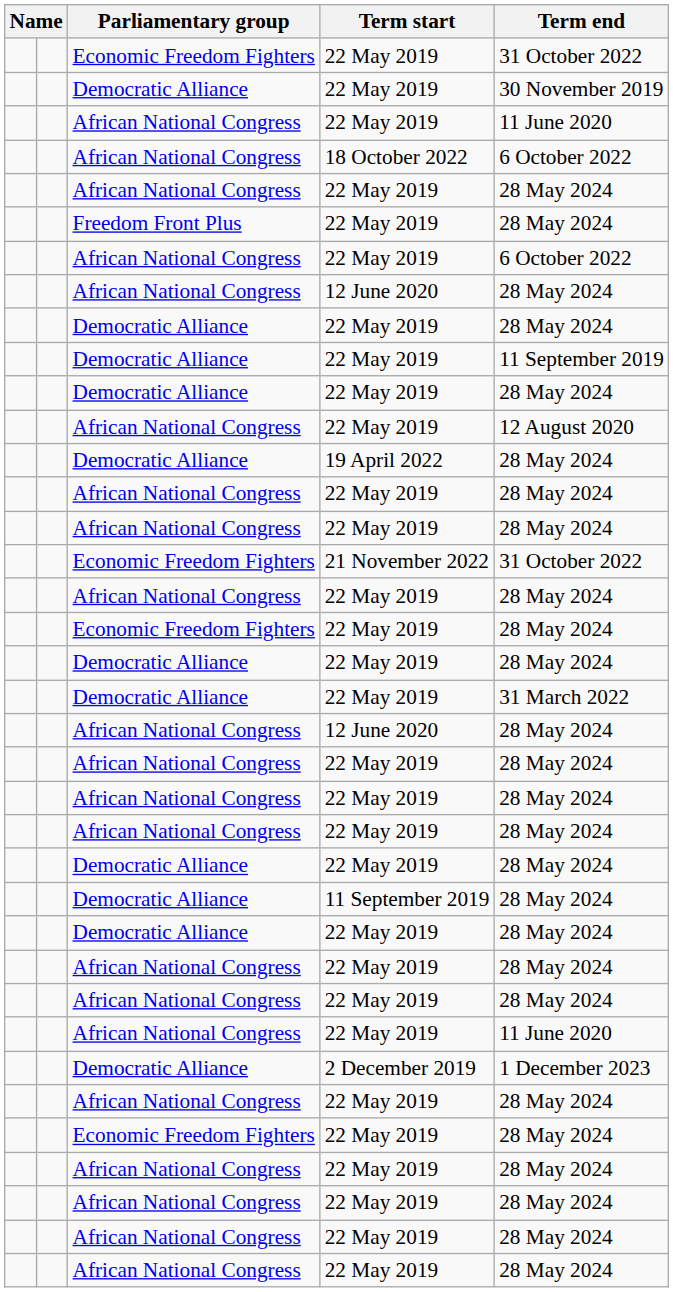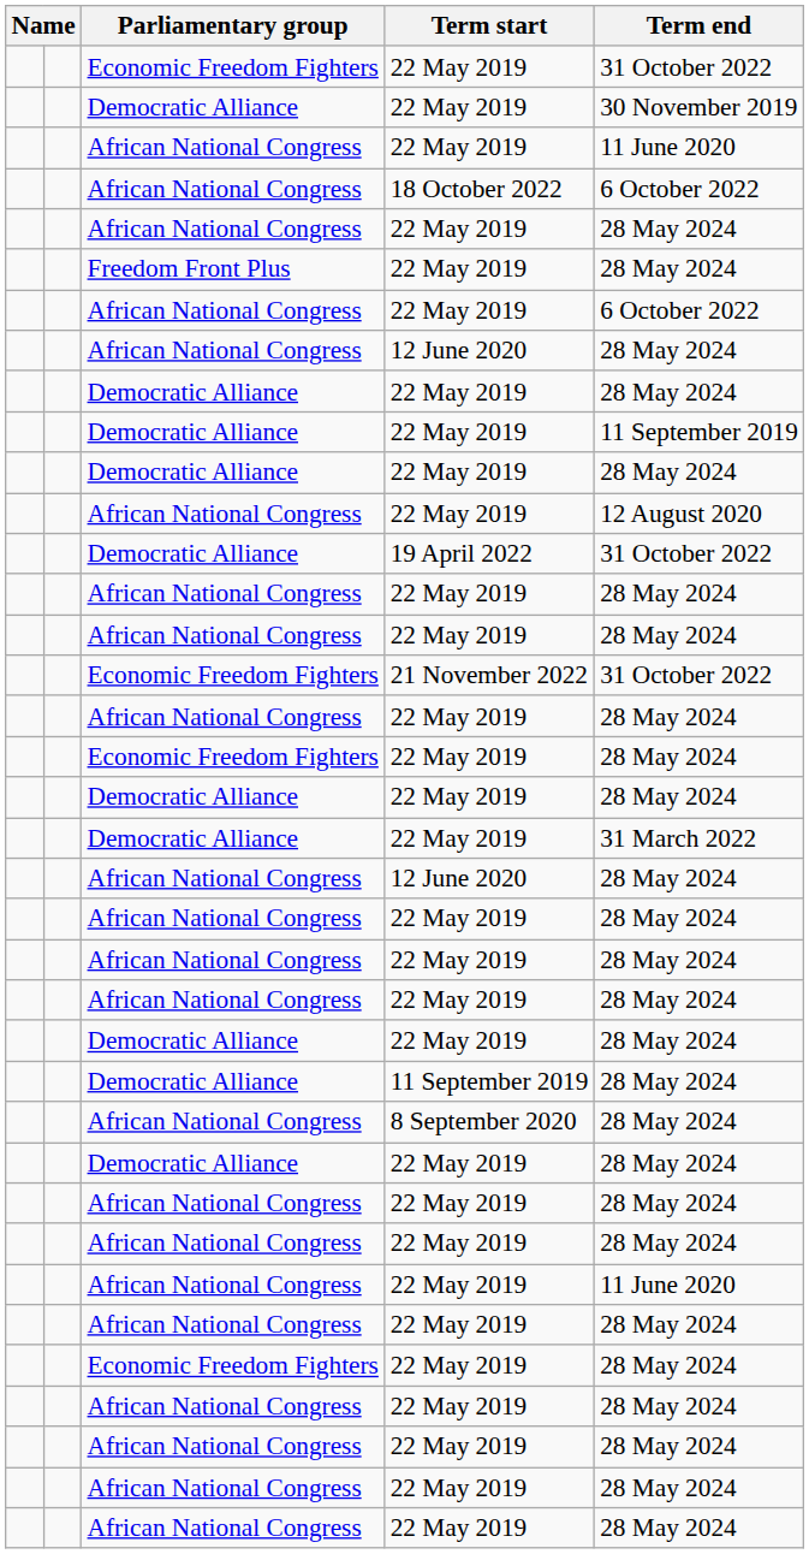 <table class="wikitable sortable">
 <tr>
 <th scope=col colspan=2>Name</th>
 <th scope=col>Parliamentary group</th>
 <th scope=col>Term start</th>
 <th scope=col>Term end</th>
 </tr>
 <tr>
 <td style="background-color: "></td>
 <td></td>
 <td><a href='#'>Economic Freedom Fighters</a></td>
 <td>22 May 2019</td>
 <td>31 October 2022</td>
 </tr>
 <tr>
 <td style="background-color: "></td>
 <td></td>
 <td><a href='#'>Democratic Alliance</a></td>
 <td>22 May 2019</td>
 <td>30 November 2019</td>
 </tr>
 <tr>
 <td style="background-color: "></td>
 <td></td>
 <td><a href='#'>African National Congress</a></td>
 <td>22 May 2019</td>
 <td>11 June 2020</td>
 </tr>
 <tr>
 <td style="background-color: "></td>
 <td></td>
 <td><a href='#'>African National Congress</a></td>
 <td>18 October 2022</td>
 <td>6 October 2022</td>
 </tr>
 <tr>
 <td style="background-color: "></td>
 <td></td>
 <td><a href='#'>African National Congress</a></td>
 <td>22 May 2019</td>
 <td>28 May 2024</td>
 </tr>
 <tr>
 <td style="background-color: "></td>
 <td></td>
 <td><a href='#'>Freedom Front Plus</a></td>
 <td>22 May 2019</td>
 <td>28 May 2024</td>
 </tr>
 <tr>
 <td style="background-color: "></td>
 <td></td>
 <td><a href='#'>African National Congress</a></td>
 <td>22 May 2019</td>
 <td>6 October 2022</td>
 </tr>
 <tr>
 <td style="background-color: "></td>
 <td></td>
 <td><a href='#'>African National Congress</a></td>
 <td>12 June 2020</td>
 <td>28 May 2024</td>
 </tr>
 <tr>
 <td style="background-color: "></td>
 <td></td>
 <td><a href='#'>Democratic Alliance</a></td>
 <td>22 May 2019</td>
 <td>28 May 2024</td>
 </tr>
 <tr>
 <td style="background-color: "></td>
 <td></td>
 <td><a href='#'>Democratic Alliance</a></td>
 <td>22 May 2019</td>
 <td>11 September 2019</td>
 </tr>
 <tr>
 <td style="background-color: "></td>
 <td></td>
 <td><a href='#'>Democratic Alliance</a></td>
 <td>22 May 2019</td>
 <td>28 May 2024</td>
 </tr>
 <tr>
 <td style="background-color: "></td>
 <td></td>
 <td><a href='#'>African National Congress</a></td>
 <td>22 May 2019</td>
 <td>12 August 2020</td>
 </tr>
 <tr>
 <td style="background-color: "></td>
 <td></td>
 <td><a href='#'>Democratic Alliance</a></td>
 <td>19 April 2022</td>
-<td>28 May 2024</td>
+<td>31 October 2022</td>
 </tr>
 <tr>
 <td style="background-color: "></td>
 <td></td>
 <td><a href='#'>African National Congress</a></td>
 <td>22 May 2019</td>
 <td>28 May 2024</td>
 </tr>
 <tr>
 <td style="background-color: "></td>
 <td></td>
 <td><a href='#'>African National Congress</a></td>
 <td>22 May 2019</td>
 <td>28 May 2024</td>
 </tr>
 <tr>
 <td style="background-color: "></td>
 <td></td>
 <td><a href='#'>Economic Freedom Fighters</a></td>
 <td>21 November 2022</td>
 <td>31 October 2022</td>
 </tr>
 <tr>
 <td style="background-color: "></td>
 <td></td>
 <td><a href='#'>African National Congress</a></td>
 <td>22 May 2019</td>
 <td>28 May 2024</td>
 </tr>
 <tr>
 <td style="background-color: "></td>
 <td></td>
 <td><a href='#'>Economic Freedom Fighters</a></td>
 <td>22 May 2019</td>
 <td>28 May 2024</td>
 </tr>
 <tr>
 <td style="background-color: "></td>
 <td></td>
 <td><a href='#'>Democratic Alliance</a></td>
 <td>22 May 2019</td>
 <td>28 May 2024</td>
 </tr>
 <tr>
 <td style="background-color: "></td>
 <td></td>
 <td><a href='#'>Democratic Alliance</a></td>
 <td>22 May 2019</td>
 <td>31 March 2022</td>
 </tr>
 <tr>
 <td style="background-color: "></td>
 <td></td>
 <td><a href='#'>African National Congress</a></td>
 <td>12 June 2020</td>
 <td>28 May 2024</td>
 </tr>
 <tr>
 <td style="background-color: "></td>
 <td></td>
 <td><a href='#'>African National Congress</a></td>
 <td>22 May 2019</td>
 <td>28 May 2024</td>
 </tr>
 <tr>
 <td style="background-color: "></td>
 <td></td>
 <td><a href='#'>African National Congress</a></td>
 <td>22 May 2019</td>
 <td>28 May 2024</td>
 </tr>
 <tr>
 <td style="background-color: "></td>
 <td></td>
 <td><a href='#'>African National Congress</a></td>
 <td>22 May 2019</td>
 <td>28 May 2024</td>
 </tr>
 <tr>
 <td style="background-color: "></td>
 <td></td>
 <td><a href='#'>Democratic Alliance</a></td>
 <td>22 May 2019</td>
 <td>28 May 2024</td>
 </tr>
 <tr>
 <td style="background-color: "></td>
 <td></td>
 <td><a href='#'>Democratic Alliance</a></td>
 <td>11 September 2019</td>
 <td>28 May 2024</td>
 </tr>
 <tr>
 <td style="background-color: "></td>
 <td></td>
+<td><a href='#'>African National Congress</a></td>
+<td>8 September 2020</td>
+<td>28 May 2024</td>
+</tr>
+<tr>
+<td style="background-color: "></td>
+<td></td>
 <td><a href='#'>Democratic Alliance</a></td>
 <td>22 May 2019</td>
 <td>28 May 2024</td>
 </tr>
 <tr>
 <td style="background-color: "></td>
 <td></td>
 <td><a href='#'>African National Congress</a></td>
 <td>22 May 2019</td>
 <td>28 May 2024</td>
 </tr>
 <tr>
 <td style="background-color: "></td>
 <td></td>
 <td><a href='#'>African National Congress</a></td>
 <td>22 May 2019</td>
 <td>28 May 2024</td>
 </tr>
 <tr>
 <td style="background-color: "></td>
 <td></td>
 <td><a href='#'>African National Congress</a></td>
 <td>22 May 2019</td>
 <td>11 June 2020</td>
-</tr>
-<tr>
-<td style="background-color: "></td>
-<td></td>
-<td><a href='#'>Democratic Alliance</a></td>
-<td>2 December 2019</td>
-<td>1 December 2023</td>
 </tr>
 <tr>
 <td style="background-color: "></td>
 <td></td>
 <td><a href='#'>African National Congress</a></td>
 <td>22 May 2019</td>
 <td>28 May 2024</td>
 </tr>
 <tr>
 <td style="background-color: "></td>
 <td></td>
 <td><a href='#'>Economic Freedom Fighters</a></td>
 <td>22 May 2019</td>
 <td>28 May 2024</td>
 </tr>
 <tr>
 <td style="background-color: "></td>
 <td></td>
 <td><a href='#'>African National Congress</a></td>
 <td>22 May 2019</td>
 <td>28 May 2024</td>
 </tr>
 <tr>
 <td style="background-color: "></td>
 <td></td>
 <td><a href='#'>African National Congress</a></td>
 <td>22 May 2019</td>
 <td>28 May 2024</td>
 </tr>
 <tr>
 <td style="background-color: "></td>
 <td></td>
 <td><a href='#'>African National Congress</a></td>
 <td>22 May 2019</td>
 <td>28 May 2024</td>
 </tr>
 <tr>
 <td style="background-color: "></td>
 <td></td>
 <td><a href='#'>African National Congress</a></td>
 <td>22 May 2019</td>
 <td>28 May 2024</td>
 </tr>
 </table>
